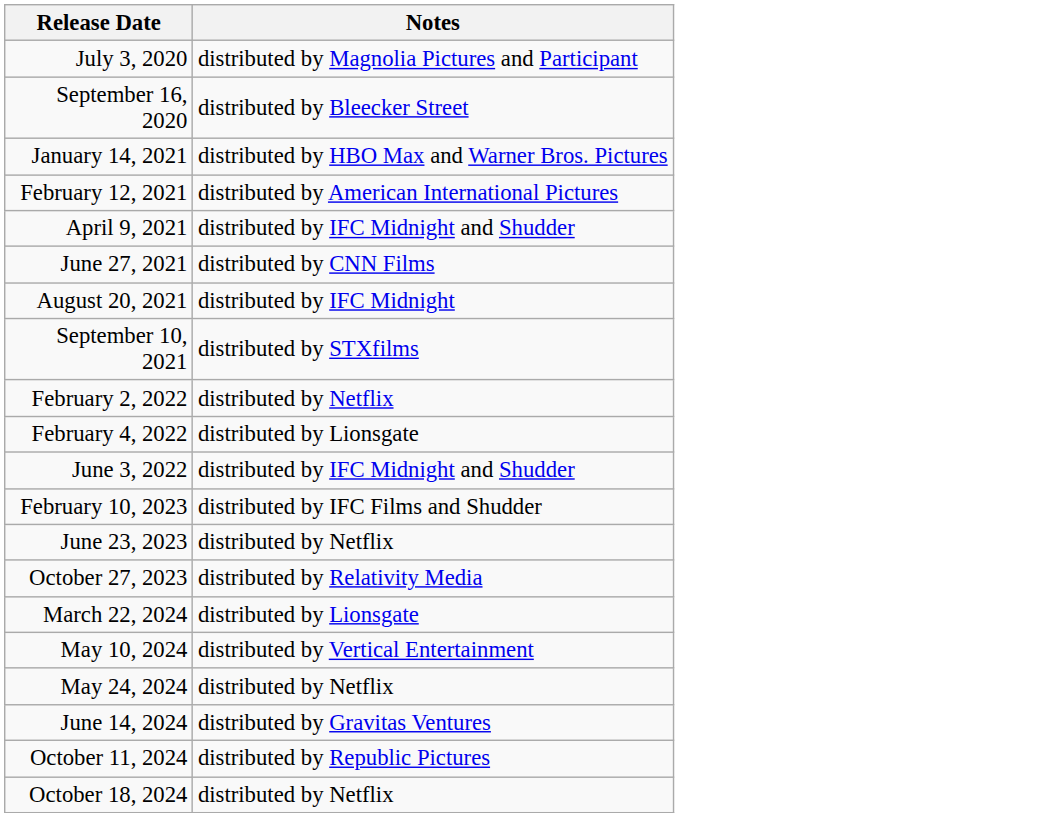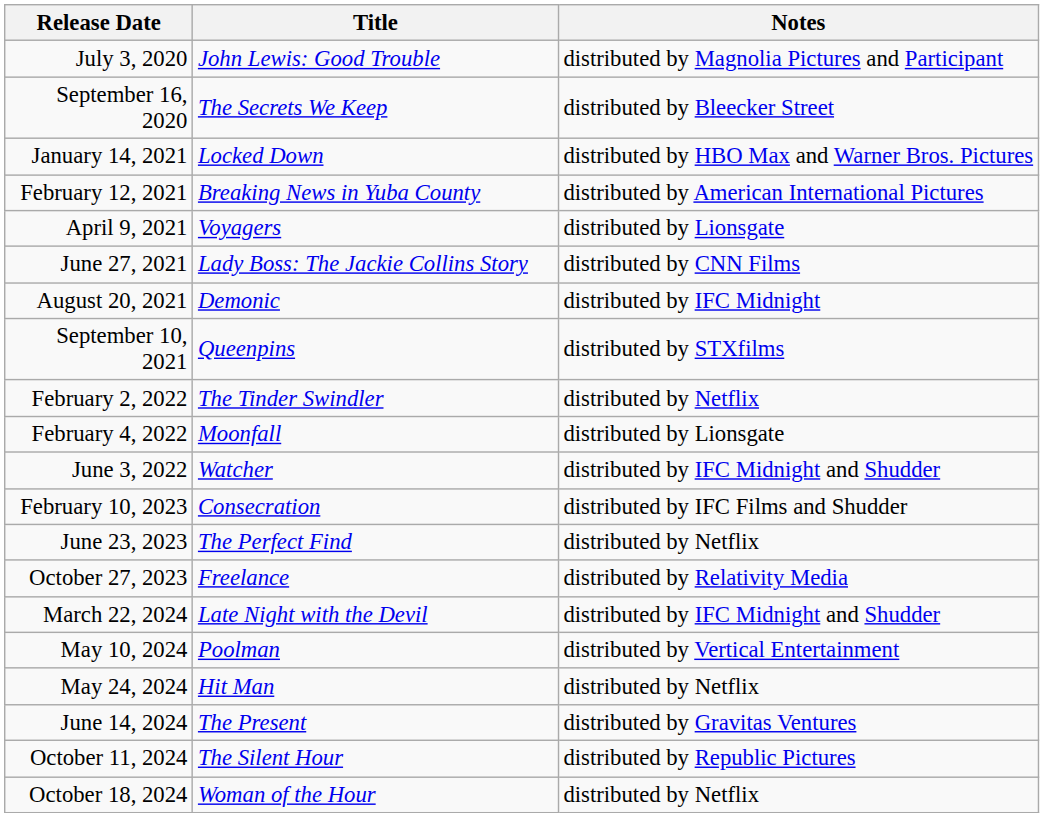 <table class="wikitable sortable">
 <tr>
 <th style="width:125px;">Release Date</th>
+<th style="width:250px;">Title</th>
 <th>Notes</th>
 </tr>
 <tr>
 <td style="text-align:right;">July 3, 2020</td>
+<td><em><a href='#'>John Lewis: Good Trouble</a></em></td>
 <td>distributed by <a href='#'>Magnolia Pictures</a> and <a href='#'>Participant</a></td>
 </tr>
 <tr>
 <td style="text-align:right;">September 16, 2020</td>
+<td><em><a href='#'>The Secrets We Keep</a></em></td>
 <td>distributed by <a href='#'>Bleecker Street</a></td>
 </tr>
 <tr>
 <td style="text-align:right;">January 14, 2021</td>
+<td><em><a href='#'>Locked Down</a></em></td>
 <td>distributed by <a href='#'>HBO Max</a> and <a href='#'>Warner Bros. Pictures</a></td>
 </tr>
 <tr>
 <td style="text-align:right;">February 12, 2021</td>
+<td><em><a href='#'>Breaking News in Yuba County</a></em></td>
 <td>distributed by <a href='#'>American International Pictures</a></td>
 </tr>
 <tr>
 <td style="text-align:right;">April 9, 2021</td>
-<td>distributed by <a href='#'>IFC Midnight</a> and <a href='#'>Shudder</a></td>
+<td><em><a href='#'>Voyagers</a></em></td>
+<td>distributed by <a href='#'>Lionsgate</a></td>
 </tr>
 <tr>
 <td style="text-align:right;">June 27, 2021</td>
+<td><em><a href='#'>Lady Boss: The Jackie Collins Story</a></em></td>
 <td>distributed by <a href='#'>CNN Films</a></td>
 </tr>
 <tr>
 <td style="text-align:right;">August 20, 2021</td>
+<td><em><a href='#'>Demonic</a></em></td>
 <td>distributed by <a href='#'>IFC Midnight</a></td>
 </tr>
 <tr>
 <td style="text-align:right;">September 10, 2021</td>
+<td><em><a href='#'>Queenpins</a></em></td>
 <td>distributed by <a href='#'>STXfilms</a></td>
 </tr>
 <tr>
 <td style="text-align:right;">February 2, 2022</td>
+<td><em><a href='#'>The Tinder Swindler</a></em></td>
 <td>distributed by <a href='#'>Netflix</a></td>
 </tr>
 <tr>
 <td style="text-align:right;">February 4, 2022</td>
+<td><em><a href='#'>Moonfall</a></em></td>
 <td>distributed by Lionsgate</td>
 </tr>
 <tr>
 <td style="text-align:right;">June 3, 2022</td>
+<td><em><a href='#'>Watcher</a></em></td>
 <td>distributed by <a href='#'>IFC Midnight</a> and <a href='#'>Shudder</a></td>
 </tr>
 <tr>
 <td style="text-align:right;">February 10, 2023</td>
+<td><em><a href='#'>Consecration</a></em></td>
 <td>distributed by IFC Films and Shudder</td>
 </tr>
 <tr>
 <td style="text-align:right;">June 23, 2023</td>
+<td><em><a href='#'>The Perfect Find</a></em></td>
 <td>distributed by Netflix</td>
 </tr>
 <tr>
 <td style="text-align:right;">October 27, 2023</td>
+<td><em><a href='#'>Freelance</a></em></td>
 <td>distributed by <a href='#'>Relativity Media</a></td>
 </tr>
 <tr>
 <td style="text-align:right;">March 22, 2024</td>
-<td>distributed by <a href='#'>Lionsgate</a></td>
+<td><em><a href='#'>Late Night with the Devil</a></em></td>
+<td>distributed by <a href='#'>IFC Midnight</a> and <a href='#'>Shudder</a></td>
 </tr>
 <tr>
 <td style="text-align:right;">May 10, 2024</td>
+<td><em><a href='#'>Poolman</a></em></td>
 <td>distributed by <a href='#'>Vertical Entertainment</a></td>
 </tr>
 <tr>
 <td style="text-align:right;">May 24, 2024</td>
+<td><em><a href='#'>Hit Man</a></em></td>
 <td>distributed by Netflix</td>
 </tr>
 <tr>
 <td style="text-align:right;">June 14, 2024</td>
+<td><em><a href='#'>The Present</a></em></td>
 <td>distributed by <a href='#'>Gravitas Ventures</a></td>
 </tr>
 <tr>
 <td style="text-align:right;">October 11, 2024</td>
+<td><em><a href='#'>The Silent Hour</a></em></td>
 <td>distributed by <a href='#'>Republic Pictures</a></td>
 </tr>
 <tr>
 <td style="text-align:right;">October 18, 2024</td>
+<td><em><a href='#'>Woman of the Hour</a></em></td>
 <td>distributed by Netflix</td>
 </tr>
 </table>
